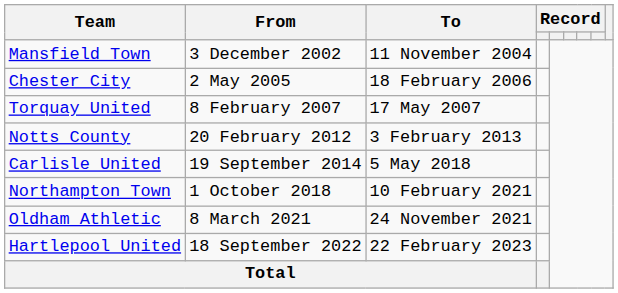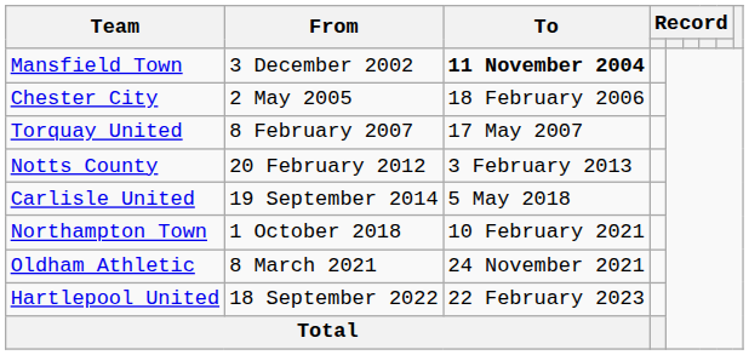 <table class=wikitable style=text-align:center>
 <tr>
 <th rowspan=2>Team</th>
 <th rowspan=2>From</th>
 <th rowspan=2>To</th>
 <th colspan=5>Record</th>
 <th rowspan=2></th>
 </tr>
 <tr>
 <th></th>
 <th></th>
 <th></th>
 <th></th>
 <th></th>
 </tr>
 <tr>
 <td align=left><a href='#'>Mansfield Town</a></td>
 <td align=left>3 December 2002</td>
-<td align=left>11 November 2004<br></td>
+<td align=left><strong>11 November 2004<br></strong></td>
 <td></td>
 </tr>
 <tr>
 <td align=left><a href='#'>Chester City</a></td>
 <td align=left>2 May 2005</td>
 <td align=left>18 February 2006<br></td>
 <td></td>
 </tr>
 <tr>
 <td align=left><a href='#'>Torquay United</a></td>
 <td align=left>8 February 2007</td>
 <td align=left>17 May 2007<br></td>
 <td></td>
 </tr>
 <tr>
 <td align=left><a href='#'>Notts County</a></td>
 <td align=left>20 February 2012</td>
 <td align=left>3 February 2013<br></td>
 <td></td>
 </tr>
 <tr>
 <td align=left><a href='#'>Carlisle United</a></td>
 <td align=left>19 September 2014</td>
 <td align=left>5 May 2018<br></td>
 <td></td>
 </tr>
 <tr>
 <td align=left><a href='#'>Northampton Town</a></td>
 <td align=left>1 October 2018</td>
 <td align=left>10 February 2021<br></td>
 <td></td>
 </tr>
 <tr>
 <td align=left><a href='#'>Oldham Athletic</a></td>
 <td align=left>8 March 2021</td>
 <td align=left>24 November 2021<br></td>
 <td></td>
 </tr>
 <tr>
 <td align=left><a href='#'>Hartlepool United</a></td>
 <td align=left>18 September 2022</td>
 <td align=left>22 February 2023<br></td>
 <td></td>
 </tr>
 <tr>
 <th colspan=3>Total<br></th>
 <th></th>
 </tr>
 </table>
